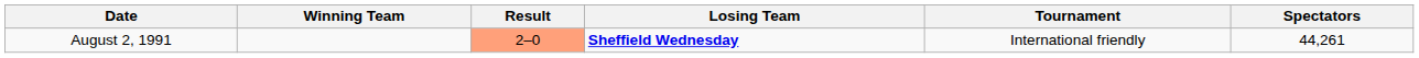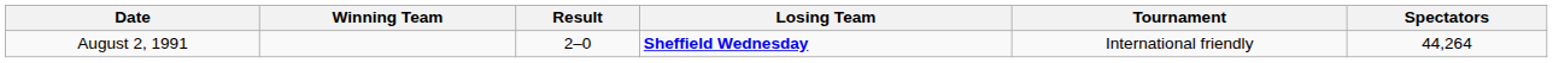 <table class="wikitable" style="text-align:left; width:95%;" style="text-align:center">
 <tr>
 <th style="text-align:center; ">Date</th>
 <th style="text-align:center; ">Winning Team</th>
 <th style="text-align:center; ">Result</th>
 <th style="text-align:center; ">Losing Team</th>
 <th style="text-align:center; ">Tournament</th>
 <th style="text-align:center; ">Spectators</th>
 </tr>
 <tr>
 <td style="text-align:center;">August 2, 1991</td>
 <td><strong></strong></td>
-<td style="background: lightsalmon; text-align:center;">2–0</td>
+<td style="text-align:center;">2–0</td>
 <td><strong> <a href='#'>Sheffield Wednesday</a></strong></td>
 <td style="text-align:center;">International friendly</td>
-<td style="text-align:center;">44,261</td>
+<td style="text-align:center;">44,264</td>
 </tr>
 </table>
